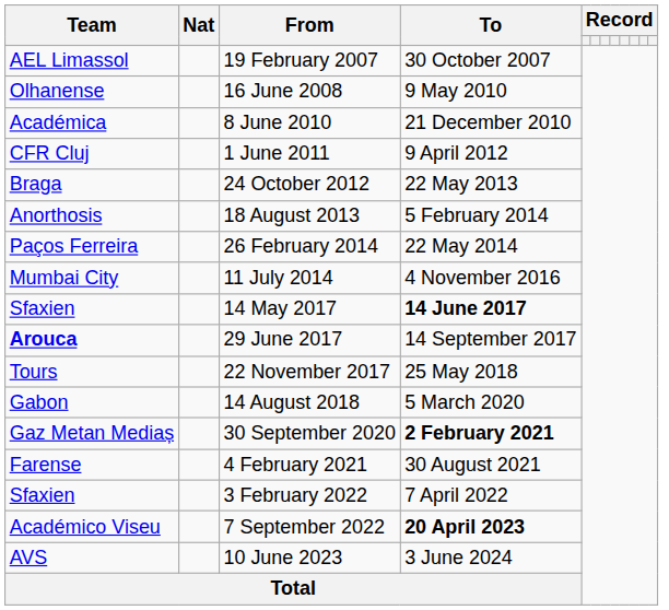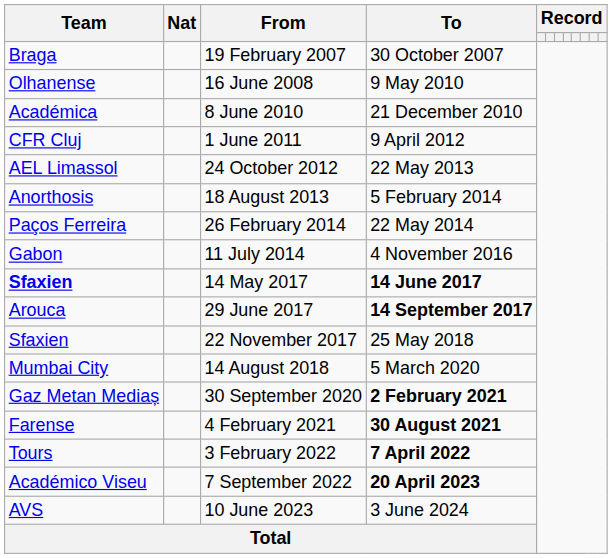 <table class=wikitable style=text-align:center>
 <tr>
 <th rowspan="2">Team</th>
 <th rowspan="2">Nat</th>
 <th rowspan="2">From</th>
 <th rowspan="2">To</th>
 <th colspan="8">Record</th>
 </tr>
 <tr>
 <th></th>
 <th></th>
 <th></th>
 <th></th>
 <th></th>
 <th></th>
 <th></th>
 <th></th>
 </tr>
 <tr>
-<td align=left><a href='#'>AEL Limassol</a></td>
+<td align=left><a href='#'>Braga</a></td>
 <td></td>
 <td align=left>19 February 2007</td>
 <td align=left>30 October 2007<br></td>
 </tr>
 <tr>
 <td align=left><a href='#'>Olhanense</a></td>
 <td></td>
 <td align=left>16 June 2008</td>
 <td align=left>9 May 2010<br></td>
 </tr>
 <tr>
 <td align=left><a href='#'>Académica</a></td>
 <td></td>
 <td align=left>8 June 2010</td>
 <td align=left>21 December 2010<br></td>
 </tr>
 <tr>
 <td align=left><a href='#'>CFR Cluj</a></td>
 <td></td>
 <td align=left>1 June 2011</td>
 <td align=left>9 April 2012<br></td>
 </tr>
 <tr>
-<td align=left><a href='#'>Braga</a></td>
+<td align=left><a href='#'>AEL Limassol</a></td>
 <td></td>
 <td align=left>24 October 2012</td>
 <td align=left>22 May 2013<br></td>
 </tr>
 <tr>
 <td align=left><a href='#'>Anorthosis</a></td>
 <td></td>
 <td align=left>18 August 2013</td>
 <td align=left>5 February 2014<br></td>
 </tr>
 <tr>
 <td align=left><a href='#'>Paços Ferreira</a></td>
 <td></td>
 <td align=left>26 February 2014</td>
 <td align=left>22 May 2014<br></td>
 </tr>
 <tr>
-<td align=left><a href='#'>Mumbai City</a></td>
+<td align=left><a href='#'>Gabon</a></td>
 <td></td>
 <td align=left>11 July 2014</td>
 <td align=left>4 November 2016<br></td>
 </tr>
 <tr>
-<td align=left><a href='#'>Sfaxien</a></td>
+<td align=left><strong><a href='#'>Sfaxien</a></strong></td>
 <td></td>
 <td align=left>14 May 2017</td>
 <td align=left><strong>14 June 2017<br></strong></td>
 </tr>
 <tr>
-<td align=left><strong><a href='#'>Arouca</a></strong></td>
+<td align=left><a href='#'>Arouca</a></td>
 <td></td>
 <td align=left>29 June 2017</td>
-<td align=left>14 September 2017<br></td>
+<td align=left><strong>14 September 2017<br></strong></td>
 </tr>
 <tr>
-<td align=left><a href='#'>Tours</a></td>
+<td align=left><a href='#'>Sfaxien</a></td>
 <td></td>
 <td align=left>22 November 2017</td>
 <td align=left>25 May 2018<br></td>
 </tr>
 <tr>
-<td align=left><a href='#'>Gabon</a></td>
+<td align=left><a href='#'>Mumbai City</a></td>
 <td></td>
 <td align=left>14 August 2018</td>
 <td align=left>5 March 2020<br></td>
 </tr>
 <tr>
 <td align=left><a href='#'>Gaz Metan Mediaș</a></td>
 <td></td>
 <td align=left>30 September 2020</td>
 <td align=left><strong>2 February 2021<br></strong></td>
 </tr>
 <tr>
 <td align=left><a href='#'>Farense</a></td>
 <td></td>
 <td align=left>4 February 2021</td>
-<td align=left>30 August 2021<br></td>
+<td align=left><strong>30 August 2021<br></strong></td>
 </tr>
 <tr>
-<td align=left><a href='#'>Sfaxien</a></td>
+<td align=left><a href='#'>Tours</a></td>
 <td></td>
 <td align=left>3 February 2022</td>
-<td align=left>7 April 2022<br></td>
+<td align=left><strong>7 April 2022<br></strong></td>
 </tr>
 <tr>
 <td align=left><a href='#'>Académico Viseu</a></td>
 <td></td>
 <td align=left>7 September 2022</td>
 <td align=left><strong>20 April 2023<br></strong></td>
 </tr>
 <tr>
 <td align=left><a href='#'>AVS</a></td>
 <td></td>
 <td align=left>10 June 2023</td>
 <td align=left>3 June 2024<br></td>
 </tr>
 <tr>
 <th colspan="4">Total<br></th>
 </tr>
 </table>
